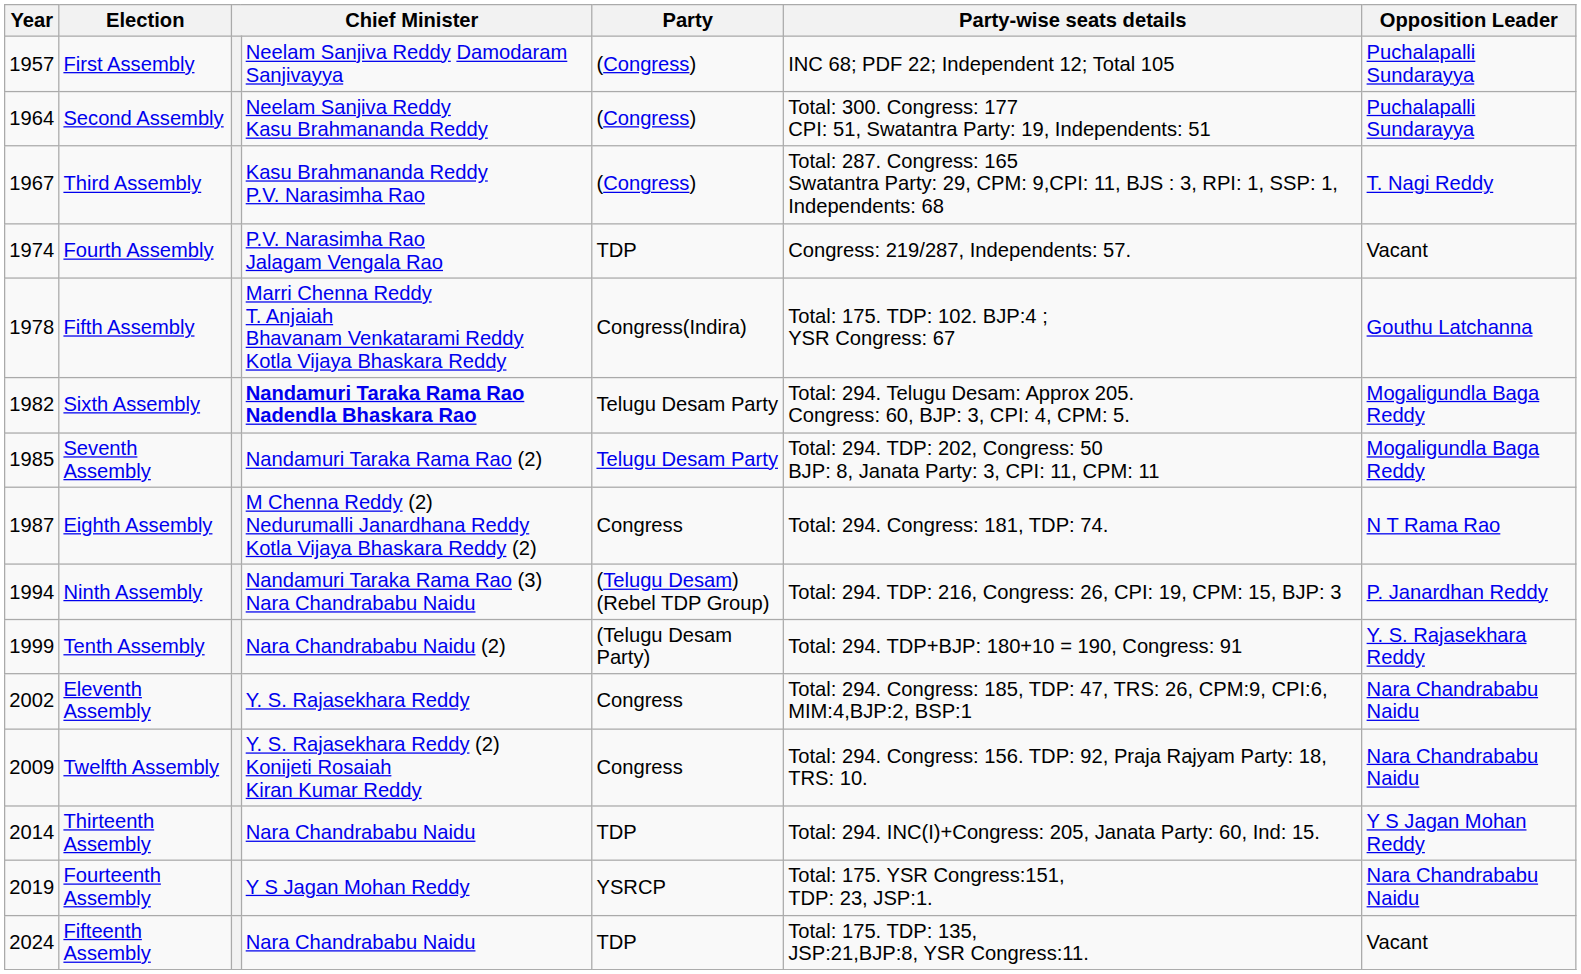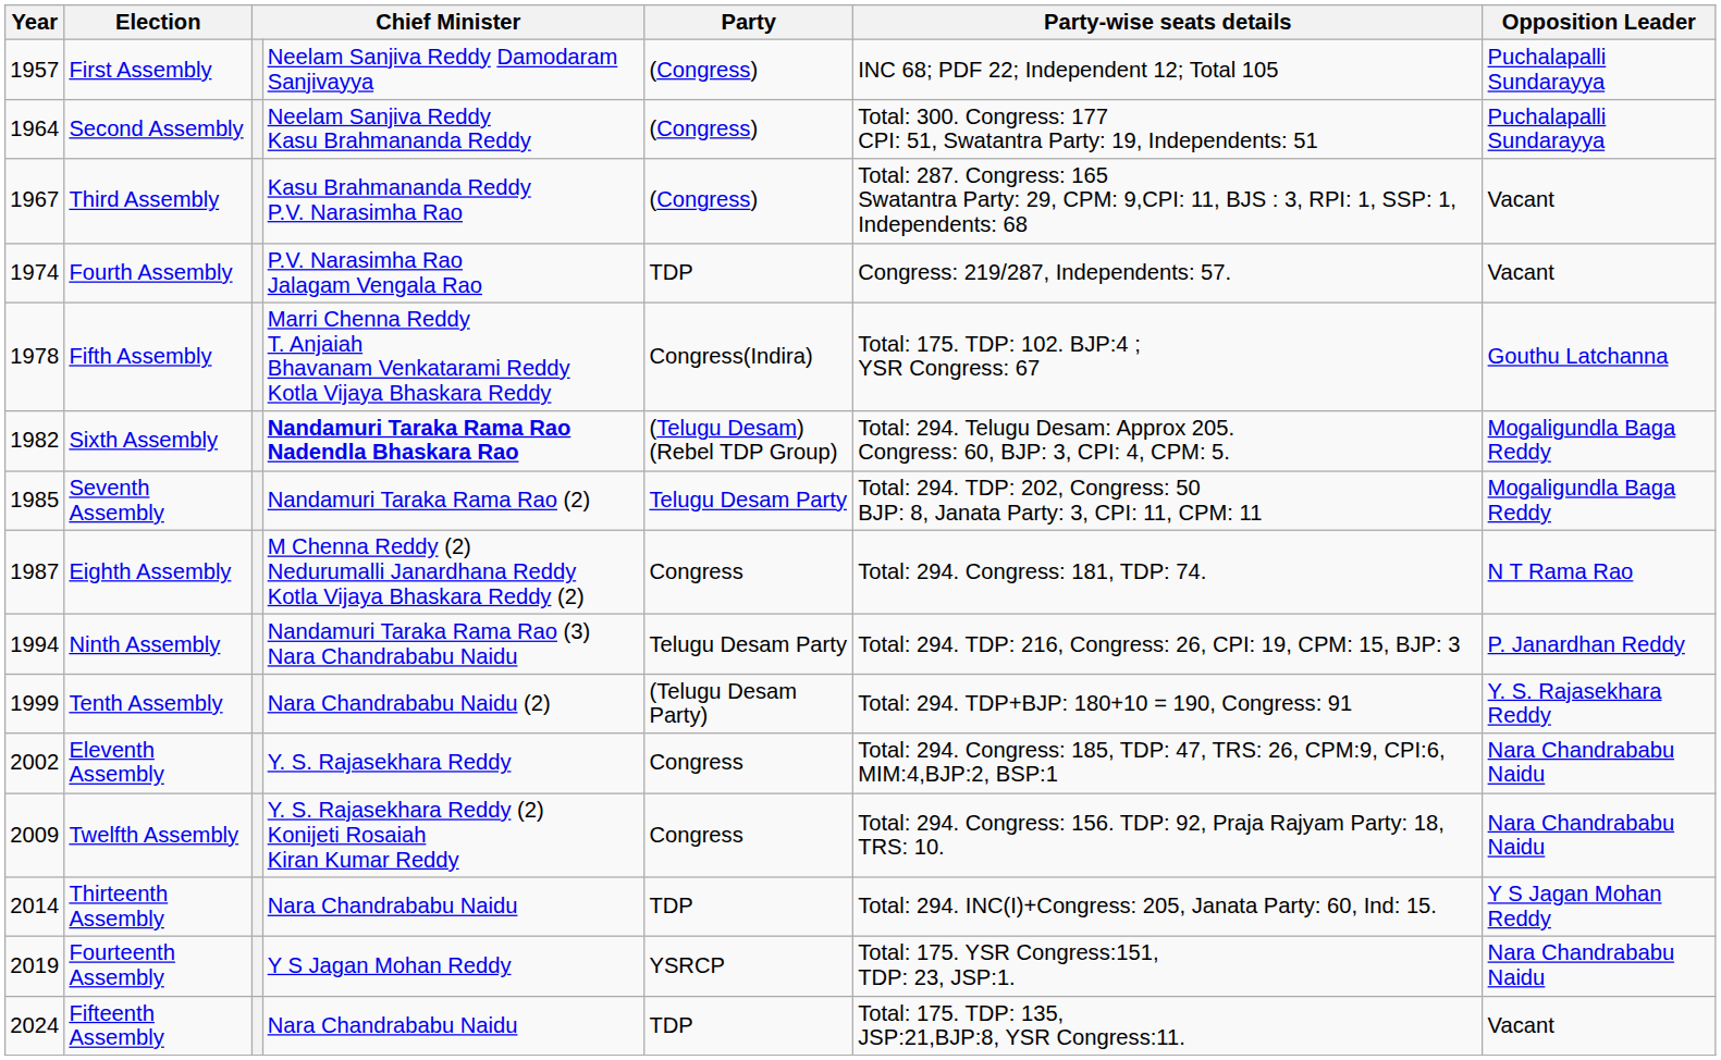 <table class="wikitable">
 <tr>
 <th>Year</th>
 <th>Election</th>
 <th colspan="2">Chief Minister</th>
 <th>Party</th>
 <th>Party-wise seats details</th>
 <th>Opposition Leader</th>
 </tr>
 <tr>
 <td>1957</td>
 <td><a href='#'>First Assembly</a></td>
 <th style="background-color: "></th>
 <td><a href='#'>Neelam Sanjiva Reddy</a> <a href='#'>Damodaram Sanjivayya</a></td>
 <td>(<a href='#'>Congress</a>)</td>
 <td>INC 68; PDF 22; Independent 12; Total 105</td>
 <td><a href='#'>Puchalapalli Sundarayya</a></td>
 </tr>
 <tr --->
 <td>1964</td>
 <td><a href='#'>Second Assembly</a></td>
 <th style="background-color: "></th>
 <td><a href='#'>Neelam Sanjiva Reddy</a><br><a href='#'>Kasu Brahmananda Reddy</a></td>
 <td>(<a href='#'>Congress</a>)</td>
 <td>Total: 300. Congress: 177 <br>CPI: 51, Swatantra Party: 19, Independents: 51</td>
 <td><a href='#'>Puchalapalli Sundarayya</a></td>
 </tr>
 <tr --->
 <td>1967</td>
 <td><a href='#'>Third Assembly</a></td>
 <th style="background-color: "></th>
 <td><a href='#'>Kasu Brahmananda Reddy</a><br><a href='#'>P.V. Narasimha Rao</a></td>
 <td>(<a href='#'>Congress</a>)</td>
 <td>Total: 287. Congress: 165 <br>Swatantra Party: 29, CPM: 9,CPI: 11, BJS : 3, RPI: 1, SSP: 1, Independents: 68</td>
-<td><a href='#'>T. Nagi Reddy</a></td>
+<td>Vacant</td>
 </tr>
 <tr --->
 <td>1974</td>
 <td><a href='#'>Fourth Assembly</a></td>
 <th style="background-color: "></th>
 <td><a href='#'>P.V. Narasimha Rao</a><br><a href='#'>Jalagam Vengala Rao</a></td>
 <td>TDP</td>
 <td>Congress: 219/287, Independents: 57.</td>
 <td>Vacant</td>
 </tr>
 <tr --->
 <td>1978</td>
 <td><a href='#'>Fifth Assembly</a></td>
 <th style="background-color: "></th>
 <td><a href='#'>Marri Chenna Reddy</a><br><a href='#'>T. Anjaiah</a><br><a href='#'>Bhavanam Venkatarami Reddy</a><br><a href='#'>Kotla Vijaya Bhaskara Reddy</a></td>
 <td>Congress(Indira)</td>
 <td>Total: 175. TDP: 102. BJP:4 ; <br>YSR Congress: 67</td>
 <td><a href='#'>Gouthu Latchanna</a></td>
 </tr>
 <tr --->
 <td>1982</td>
 <td><a href='#'>Sixth Assembly</a></td>
 <th style="background-color: "></th>
 <td><strong><a href='#'>Nandamuri Taraka Rama Rao</a> <br><a href='#'>Nadendla Bhaskara Rao</a></strong></td>
-<td>Telugu Desam Party</td>
+<td>(<a href='#'>Telugu Desam</a>) <br> (Rebel TDP Group)</td>
 <td>Total: 294. Telugu Desam: Approx 205. <br>Congress: 60, BJP: 3, CPI: 4, CPM: 5.</td>
 <td><a href='#'>Mogaligundla Baga Reddy</a></td>
 </tr>
 <tr --->
 <td>1985</td>
 <td><a href='#'>Seventh Assembly</a></td>
 <th style="background-color: "></th>
 <td><a href='#'>Nandamuri Taraka Rama Rao</a> (2)</td>
 <td><a href='#'>Telugu Desam Party</a></td>
 <td>Total: 294. TDP: 202, Congress: 50 <br>BJP: 8, Janata Party: 3, CPI: 11, CPM: 11</td>
 <td><a href='#'>Mogaligundla Baga Reddy</a></td>
 </tr>
 <tr --->
 <td>1987</td>
 <td><a href='#'>Eighth Assembly</a></td>
 <th style="background-color: "></th>
 <td><a href='#'>M Chenna Reddy</a> (2)<br><a href='#'>Nedurumalli Janardhana Reddy</a><br><a href='#'>Kotla Vijaya Bhaskara Reddy</a> (2)</td>
 <td>Congress</td>
 <td>Total: 294. Congress: 181, TDP: 74.</td>
 <td><a href='#'>N T Rama Rao</a></td>
 </tr>
 <tr --->
 <td>1994</td>
 <td><a href='#'>Ninth Assembly</a></td>
 <th style="background-color: "></th>
 <td><a href='#'>Nandamuri Taraka Rama Rao</a> (3)<br><a href='#'>Nara Chandrababu Naidu</a></td>
-<td>(<a href='#'>Telugu Desam</a>) <br> (Rebel TDP Group)</td>
+<td>Telugu Desam Party</td>
 <td>Total: 294. TDP: 216, Congress: 26, CPI: 19, CPM: 15, BJP: 3</td>
 <td><a href='#'>P. Janardhan Reddy</a></td>
 </tr>
 <tr --->
 <td>1999</td>
 <td><a href='#'>Tenth Assembly</a></td>
 <th style="background-color: "></th>
 <td><a href='#'>Nara Chandrababu Naidu</a> (2)</td>
 <td>(Telugu Desam Party)</td>
 <td>Total: 294. TDP+BJP: 180+10 = 190, Congress: 91</td>
 <td><a href='#'>Y. S. Rajasekhara Reddy</a></td>
 </tr>
 <tr --->
 <td>2002</td>
 <td><a href='#'>Eleventh Assembly</a></td>
 <th style="background-color: "></th>
 <td><a href='#'>Y. S. Rajasekhara Reddy</a></td>
 <td>Congress</td>
 <td>Total: 294. Congress: 185, TDP: 47, TRS: 26, CPM:9, CPI:6, MIM:4,BJP:2, BSP:1</td>
 <td><a href='#'>Nara Chandrababu Naidu</a></td>
 </tr>
 <tr --->
 <td>2009</td>
 <td><a href='#'>Twelfth Assembly</a></td>
 <th style="background-color: "></th>
 <td><a href='#'>Y. S. Rajasekhara Reddy</a> (2)<br><a href='#'>Konijeti Rosaiah</a><br><a href='#'>Kiran Kumar Reddy</a></td>
 <td>Congress</td>
 <td>Total: 294. Congress: 156. TDP: 92, Praja Rajyam Party: 18, TRS: 10.</td>
 <td><a href='#'>Nara Chandrababu Naidu</a></td>
 </tr>
 <tr --->
 <td>2014</td>
 <td><a href='#'>Thirteenth Assembly</a></td>
 <th style="background-color: "></th>
 <td><a href='#'>Nara Chandrababu Naidu</a></td>
 <td>TDP</td>
 <td>Total: 294. INC(I)+Congress: 205, Janata Party: 60, Ind: 15.</td>
 <td><a href='#'>Y S Jagan Mohan Reddy</a></td>
 </tr>
 <tr --->
 <td>2019</td>
 <td><a href='#'>Fourteenth Assembly</a></td>
 <th style="background-color: "></th>
 <td><a href='#'>Y S Jagan Mohan Reddy</a></td>
 <td>YSRCP</td>
 <td>Total: 175. YSR Congress:151,<br> TDP: 23, JSP:1.</td>
 <td><a href='#'>Nara Chandrababu Naidu</a></td>
 </tr>
 <tr --->
 <td>2024</td>
 <td><a href='#'>Fifteenth Assembly</a></td>
 <th style="background-color: "></th>
 <td><a href='#'>Nara Chandrababu Naidu</a></td>
 <td>TDP</td>
 <td>Total: 175. TDP: 135,<br> JSP:21,BJP:8, YSR Congress:11.</td>
 <td>Vacant</td>
 </tr>
 <tr --->
 </tr>
 </table>
